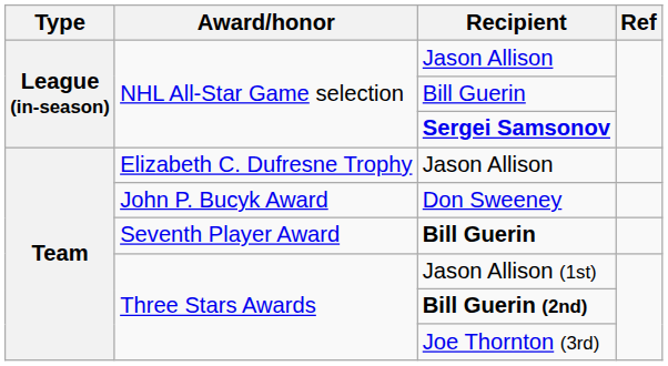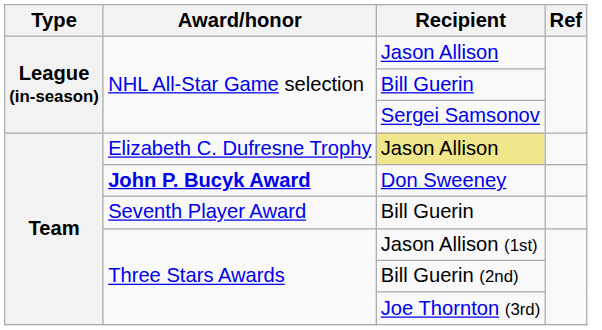 <table class="wikitable">
 <tr>
 <th scope="col">Type</th>
 <th scope="col">Award/honor</th>
 <th scope="col">Recipient</th>
 <th scope="col">Ref</th>
 </tr>
 <tr>
 <th scope="row" rowspan="3">League<br><small>(in-season)</small></th>
 <td rowspan="3"><a href='#'>NHL All-Star Game</a> selection</td>
 <td><a href='#'>Jason Allison</a></td>
 <td rowspan="3"></td>
 </tr>
 <tr>
 <td><a href='#'>Bill Guerin</a></td>
 </tr>
 <tr>
-<td><strong><a href='#'>Sergei Samsonov</a></strong></td>
+<td><a href='#'>Sergei Samsonov</a></td>
 </tr>
 <tr>
 <th scope="row" rowspan="6">Team<br></th>
 <td><a href='#'>Elizabeth C. Dufresne Trophy</a></td>
-<td>Jason Allison</td>
+<td style="background: khaki;">Jason Allison</td>
 <td></td>
 </tr>
 <tr>
-<td><a href='#'>John P. Bucyk Award</a></td>
+<td><strong><a href='#'>John P. Bucyk Award</a></strong></td>
 <td><a href='#'>Don Sweeney</a></td>
 <td></td>
 </tr>
 <tr>
 <td><a href='#'>Seventh Player Award</a></td>
-<td><strong>Bill Guerin</strong></td>
+<td>Bill Guerin</td>
 <td></td>
 </tr>
 <tr>
 <td rowspan="3"><a href='#'>Three Stars Awards</a></td>
 <td>Jason Allison <small>(1st)</small></td>
 <td rowspan="3"></td>
 </tr>
 <tr>
-<td><strong>Bill Guerin <small>(2nd)</small></strong></td>
+<td>Bill Guerin <small>(2nd)</small></td>
 </tr>
 <tr>
 <td><a href='#'>Joe Thornton</a> <small>(3rd)</small></td>
 </tr>
 </table>
